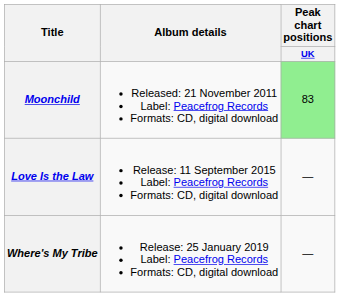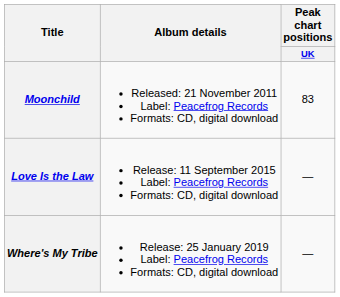 <table class="wikitable plainrowheaders" style="text-align:center;">
 <tr>
 <th scope="col" rowspan="2">Title</th>
 <th scope="col" rowspan="2">Album details</th>
 <th scope="col">Peak chart positions</th>
 </tr>
 <tr>
 <th scope="col" style="width:3em;font-size:85%;"><a href='#'>UK</a></th>
 </tr>
 <tr>
 <th scope="row"><em><a href='#'>Moonchild</a></em></th>
 <td><br><ul><li>Released: 21 November 2011</li><li>Label: <a href='#'>Peacefrog Records</a></li><li>Formats: CD, digital download</li></ul></td>
-<td style="background: lightgreen;">83</td>
+<td>83</td>
 </tr>
 <tr>
 <th scope="row"><em><a href='#'>Love Is the Law</a></em></th>
 <td><br><ul><li>Release: 11 September 2015</li><li>Label: <a href='#'>Peacefrog Records</a></li><li>Formats: CD, digital download</li></ul></td>
 <td>—</td>
 </tr>
 <tr>
 <th scope="row"><em>Where's My Tribe</em></th>
 <td><br><ul><li>Release: 25 January 2019</li><li>Label: <a href='#'>Peacefrog Records</a></li><li>Formats: CD, digital download</li></ul></td>
 <td>—</td>
 </tr>
 </table>
